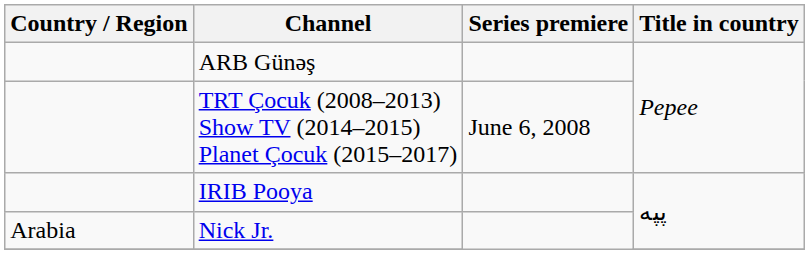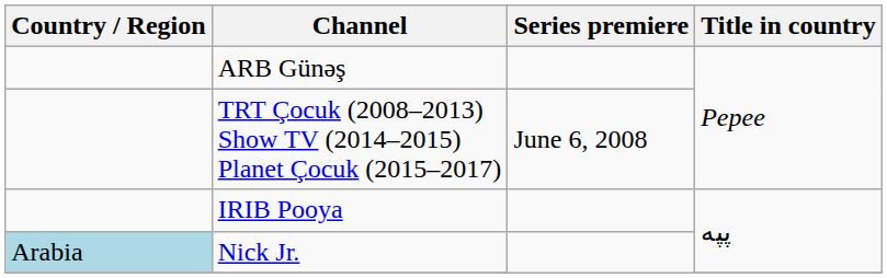 <table class="wikitable">
 <tr>
 <th>Country / Region</th>
 <th>Channel</th>
 <th>Series premiere</th>
 <th>Title in country</th>
 </tr>
 <tr>
 <td></td>
 <td>ARB Günəş</td>
 <td></td>
 <td rowspan="2"><em>Pepee</em></td>
 </tr>
 <tr>
 <td></td>
 <td><a href='#'>TRT Çocuk</a> (2008–2013)<br><a href='#'>Show TV</a> (2014–2015)<br><a href='#'>Planet Çocuk</a> (2015–2017)</td>
 <td>June 6, 2008</td>
 </tr>
 <tr>
 <td></td>
 <td><a href='#'>IRIB Pooya</a></td>
 <td></td>
 <td rowspan="2">پپه</td>
 </tr>
 <tr>
-<td>Arabia</td>
+<td style="background: lightblue;">Arabia</td>
 <td><a href='#'>Nick Jr.</a></td>
 </tr>
 <tr>
 </tr>
 </table>
